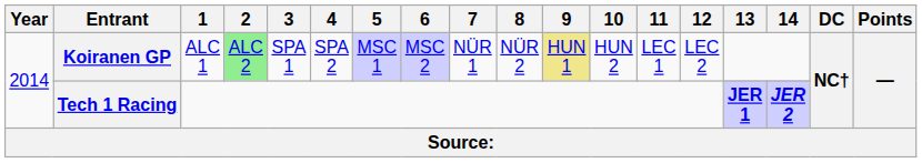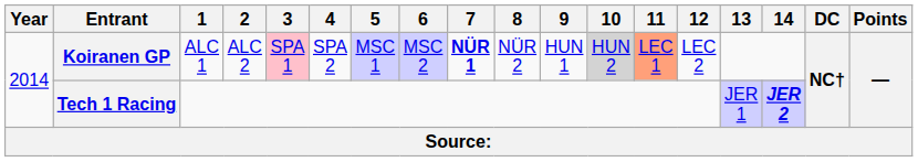 <table class="wikitable" style="text-align:center; font-size:85%">
 <tr>
 <th>Year</th>
 <th>Entrant</th>
 <th>1</th>
 <th>2</th>
 <th>3</th>
 <th>4</th>
 <th>5</th>
 <th>6</th>
 <th>7</th>
 <th>8</th>
 <th>9</th>
 <th>10</th>
 <th>11</th>
 <th>12</th>
 <th>13</th>
 <th>14</th>
 <th>DC</th>
 <th>Points</th>
 </tr>
 <tr>
 <td rowspan=2><a href='#'>2014</a></td>
 <th nowrap><a href='#'>Koiranen GP</a></th>
 <td><a href='#'>ALC<br>1</a></td>
-<td style="background: lightgreen;"><a href='#'>ALC<br>2</a></td>
-<td><a href='#'>SPA<br>1</a></td>
+<td><a href='#'>ALC<br>2</a></td>
+<td style="background: pink;"><a href='#'>SPA<br>1</a></td>
 <td><a href='#'>SPA<br>2</a></td>
 <td style="background:#cfcfff;"><a href='#'>MSC<br>1</a><br></td>
 <td style="background:#cfcfff;"><a href='#'>MSC<br>2</a><br></td>
-<td><a href='#'>NÜR<br>1</a></td>
+<td><strong><a href='#'>NÜR<br>1</a></strong></td>
 <td><a href='#'>NÜR<br>2</a></td>
-<td style="background: khaki;"><a href='#'>HUN<br>1</a></td>
-<td><a href='#'>HUN<br>2</a></td>
-<td><a href='#'>LEC<br>1</a></td>
+<td><a href='#'>HUN<br>1</a></td>
+<td style="background: lightgrey;"><a href='#'>HUN<br>2</a></td>
+<td style="background: lightsalmon;"><a href='#'>LEC<br>1</a></td>
 <td><a href='#'>LEC<br>2</a></td>
 <td colspan=2></td>
 <th rowspan=2>NC†</th>
 <th rowspan=2>—</th>
 </tr>
 <tr>
 <th><a href='#'>Tech 1 Racing</a></th>
 <td colspan=12></td>
-<td style="background:#cfcfff;"><strong><a href='#'>JER<br>1</a><br></strong></td>
+<td style="background:#cfcfff;"><a href='#'>JER<br>1</a><br></td>
 <td style="background:#cfcfff;"><strong><em><a href='#'>JER<br>2</a></em></strong><br></td>
 </tr>
 <tr class="sortbottom">
 <th colspan="100">Source:</th>
 </tr>
 </table>
